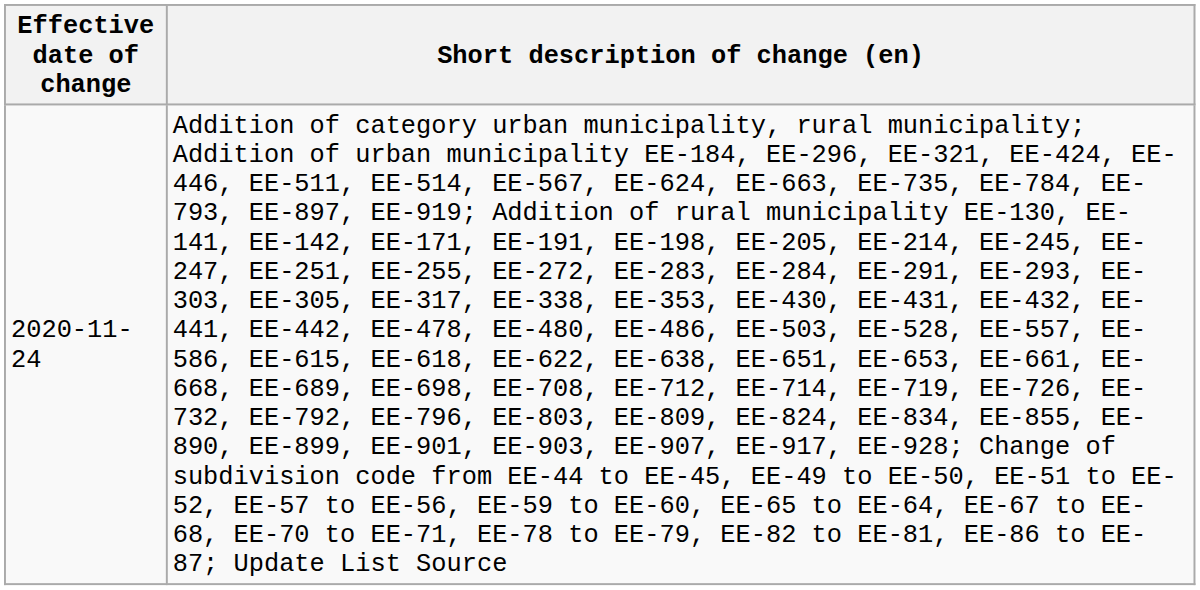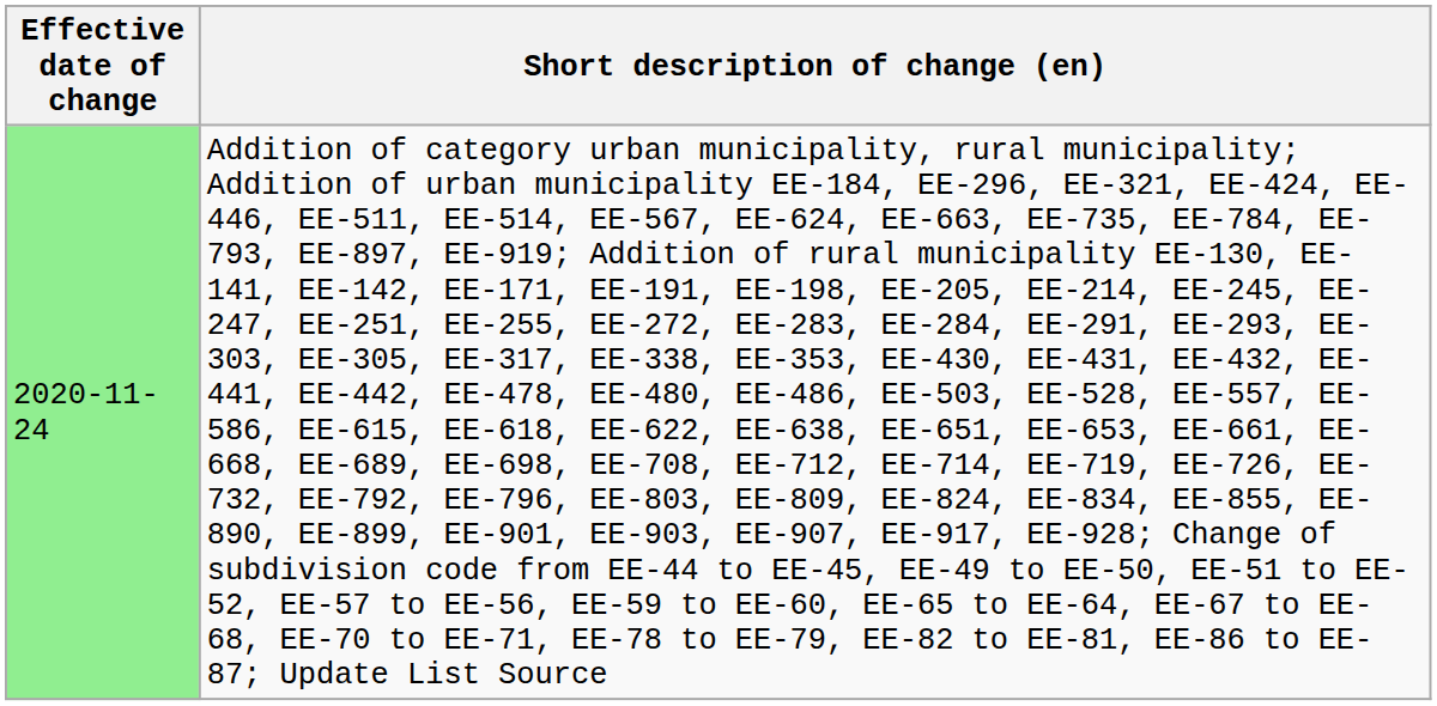 <table class="wikitable">
 <tr>
 <th>Effective date of change</th>
 <th>Short description of change (en)</th>
 </tr>
 <tr>
-<td>2020-11-24</td>
+<td style="background: lightgreen;">2020-11-24</td>
 <td>Addition of category urban municipality, rural municipality; Addition of urban municipality EE-184, EE-296, EE-321, EE-424, EE-446, EE-511, EE-514, EE-567, EE-624, EE-663, EE-735, EE-784, EE-793, EE-897, EE-919; Addition of rural municipality EE-130, EE-141, EE-142, EE-171, EE-191, EE-198, EE-205, EE-214, EE-245, EE-247, EE-251, EE-255, EE-272, EE-283, EE-284, EE-291, EE-293, EE-303, EE-305, EE-317, EE-338, EE-353, EE-430, EE-431, EE-432, EE-441, EE-442, EE-478, EE-480, EE-486, EE-503, EE-528, EE-557, EE-586, EE-615, EE-618, EE-622, EE-638, EE-651, EE-653, EE-661, EE-668, EE-689, EE-698, EE-708, EE-712, EE-714, EE-719, EE-726, EE-732, EE-792, EE-796, EE-803, EE-809, EE-824, EE-834, EE-855, EE-890, EE-899, EE-901, EE-903, EE-907, EE-917, EE-928; Change of subdivision code from EE-44 to EE-45, EE-49 to EE-50, EE-51 to EE-52, EE-57 to EE-56, EE-59 to EE-60, EE-65 to EE-64, EE-67 to EE-68, EE-70 to EE-71, EE-78 to EE-79, EE-82 to EE-81, EE-86 to EE-87; Update List Source</td>
 </tr>
 </table>
